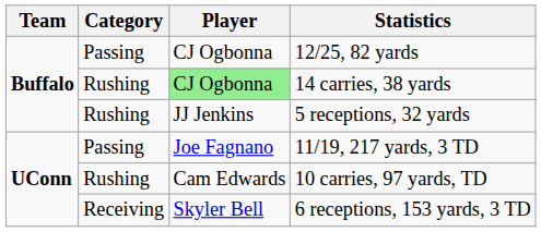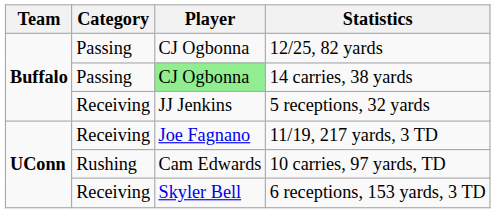 <table class="wikitable" style="float: right;">
 <tr>
 <th>Team</th>
 <th>Category</th>
 <th>Player</th>
 <th>Statistics</th>
 </tr>
 <tr>
 <td rowspan=3><strong>Buffalo</strong></td>
 <td>Passing</td>
 <td>CJ Ogbonna</td>
 <td>12/25, 82 yards</td>
 </tr>
 <tr>
-<td>Rushing</td>
+<td>Passing</td>
 <td style="background: lightgreen;">CJ Ogbonna</td>
 <td>14 carries, 38 yards</td>
 </tr>
 <tr>
-<td>Rushing</td>
+<td>Receiving</td>
 <td>JJ Jenkins</td>
 <td>5 receptions, 32 yards</td>
 </tr>
 <tr>
 <td rowspan=3><strong>UConn</strong></td>
-<td>Passing</td>
+<td>Receiving</td>
 <td><a href='#'>Joe Fagnano</a></td>
 <td>11/19, 217 yards, 3 TD</td>
 </tr>
 <tr>
 <td>Rushing</td>
 <td>Cam Edwards</td>
 <td>10 carries, 97 yards, TD</td>
 </tr>
 <tr>
 <td>Receiving</td>
 <td><a href='#'>Skyler Bell</a></td>
 <td>6 receptions, 153 yards, 3 TD</td>
 </tr>
 </table>
